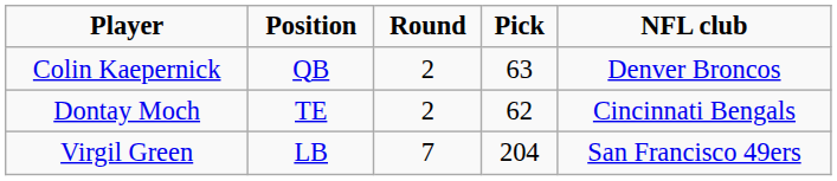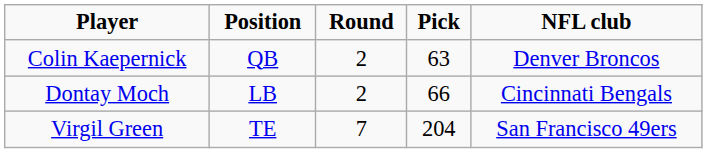 <table class="wikitable" width="80%">
 <tr align="center">
 <td><strong>Player</strong></td>
 <td><strong>Position</strong></td>
 <td><strong>Round</strong></td>
 <td><strong>Pick</strong></td>
 <td><strong>NFL club</strong></td>
 </tr>
 <tr align="center" bgcolor="">
 <td><a href='#'>Colin Kaepernick</a></td>
 <td><a href='#'>QB</a></td>
 <td>2</td>
 <td>63</td>
 <td><a href='#'>Denver Broncos</a></td>
 </tr>
 <tr align="center" bgcolor="">
 <td><a href='#'>Dontay Moch</a></td>
-<td><a href='#'>TE</a></td>
+<td><a href='#'>LB</a></td>
 <td>2</td>
-<td>62</td>
+<td>66</td>
 <td><a href='#'>Cincinnati Bengals</a></td>
 </tr>
 <tr align="center" bgcolor="">
 <td><a href='#'>Virgil Green</a></td>
-<td><a href='#'>LB</a></td>
+<td><a href='#'>TE</a></td>
 <td>7</td>
 <td>204</td>
 <td><a href='#'>San Francisco 49ers</a></td>
 </tr>
 </table>
